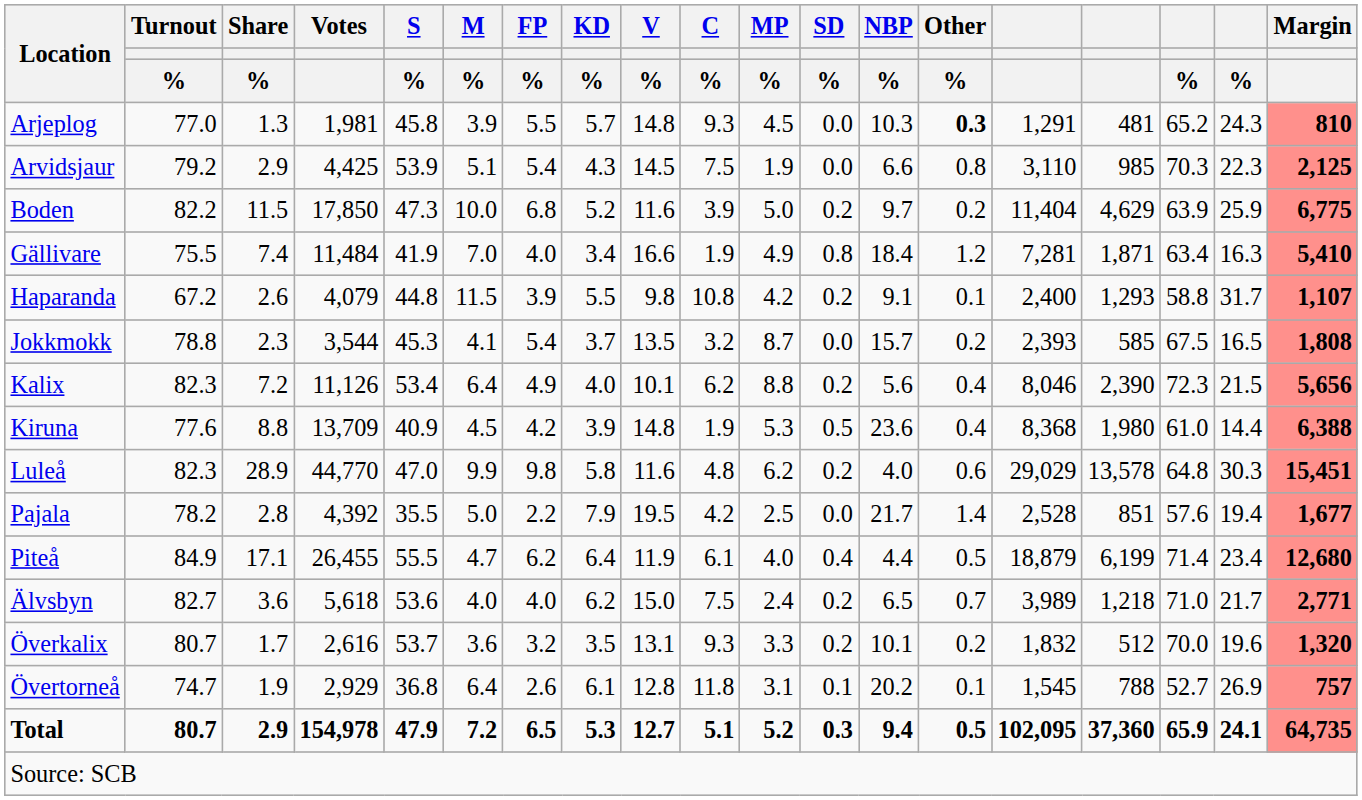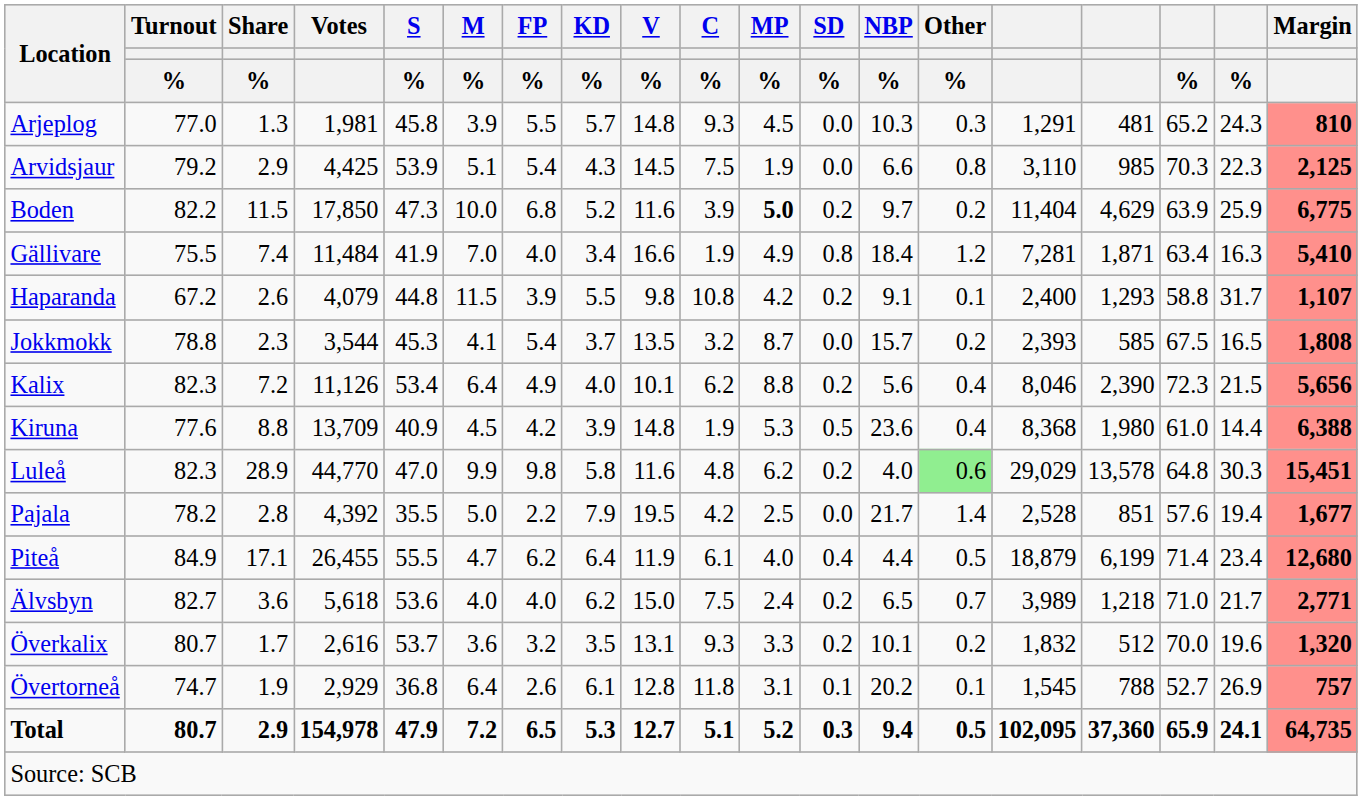 <table class="wikitable sortable" style="text-align:right; font-size:95%; line-height:20px;">
 <tr>
 <th rowspan="3">Location</th>
 <th>Turnout</th>
 <th>Share</th>
 <th>Votes</th>
 <th width="30px" class="unsortable"><a href='#'>S</a></th>
 <th width="30px" class="unsortable"><a href='#'>M</a></th>
 <th width="30px" class="unsortable"><a href='#'>FP</a></th>
 <th width="30px" class="unsortable"><a href='#'>KD</a></th>
 <th width="30px" class="unsortable"><a href='#'>V</a></th>
 <th width="30px" class="unsortable"><a href='#'>C</a></th>
 <th width="30px" class="unsortable"><a href='#'>MP</a></th>
 <th width="30px" class="unsortable"><a href='#'>SD</a></th>
 <th width="30px" class="unsortable"><a href='#'>NBP</a></th>
 <th width="30px" class="unsortable">Other</th>
 <th></th>
 <th></th>
 <th></th>
 <th></th>
 <th>Margin</th>
 </tr>
 <tr>
 <th></th>
 <th></th>
 <th></th>
 <th style="background:"></th>
 <th style="background:"></th>
 <th style="background:"></th>
 <th style="background:"></th>
 <th style="background:"></th>
 <th style="background:"></th>
 <th style="background:"></th>
 <th style="background:"></th>
 <th style="background:"></th>
 <th style="background:"></th>
 <th style="background:"></th>
 <th style="background:"></th>
 <th style="background:"></th>
 <th style="background:"></th>
 <th></th>
 </tr>
 <tr>
 <th data-sort-type="number">%</th>
 <th data-sort-type="number">%</th>
 <th></th>
 <th data-sort-type="number">%</th>
 <th data-sort-type="number">%</th>
 <th data-sort-type="number">%</th>
 <th data-sort-type="number">%</th>
 <th data-sort-type="number">%</th>
 <th data-sort-type="number">%</th>
 <th data-sort-type="number">%</th>
 <th data-sort-type="number">%</th>
 <th data-sort-type="number">%</th>
 <th data-sort-type="number">%</th>
 <th data-sort-type="number"></th>
 <th data-sort-type="number"></th>
 <th data-sort-type="number">%</th>
 <th data-sort-type="number">%</th>
 <th data-sort-type="number"></th>
 </tr>
 <tr>
 <td align=left><a href='#'>Arjeplog</a></td>
 <td>77.0</td>
 <td>1.3</td>
 <td>1,981</td>
 <td>45.8</td>
 <td>3.9</td>
 <td>5.5</td>
 <td>5.7</td>
 <td>14.8</td>
 <td>9.3</td>
 <td>4.5</td>
 <td>0.0</td>
 <td>10.3</td>
-<td><strong>0.3</strong></td>
+<td>0.3</td>
 <td>1,291</td>
 <td>481</td>
 <td>65.2</td>
 <td>24.3</td>
 <td bgcolor=#ff908c><strong>810</strong></td>
 </tr>
 <tr>
 <td align=left><a href='#'>Arvidsjaur</a></td>
 <td>79.2</td>
 <td>2.9</td>
 <td>4,425</td>
 <td>53.9</td>
 <td>5.1</td>
 <td>5.4</td>
 <td>4.3</td>
 <td>14.5</td>
 <td>7.5</td>
 <td>1.9</td>
 <td>0.0</td>
 <td>6.6</td>
 <td>0.8</td>
 <td>3,110</td>
 <td>985</td>
 <td>70.3</td>
 <td>22.3</td>
 <td bgcolor=#ff908c><strong>2,125</strong></td>
 </tr>
 <tr>
 <td align=left><a href='#'>Boden</a></td>
 <td>82.2</td>
 <td>11.5</td>
 <td>17,850</td>
 <td>47.3</td>
 <td>10.0</td>
 <td>6.8</td>
 <td>5.2</td>
 <td>11.6</td>
 <td>3.9</td>
-<td>5.0</td>
+<td><strong>5.0</strong></td>
 <td>0.2</td>
 <td>9.7</td>
 <td>0.2</td>
 <td>11,404</td>
 <td>4,629</td>
 <td>63.9</td>
 <td>25.9</td>
 <td bgcolor=#ff908c><strong>6,775</strong></td>
 </tr>
 <tr>
 <td align=left><a href='#'>Gällivare</a></td>
 <td>75.5</td>
 <td>7.4</td>
 <td>11,484</td>
 <td>41.9</td>
 <td>7.0</td>
 <td>4.0</td>
 <td>3.4</td>
 <td>16.6</td>
 <td>1.9</td>
 <td>4.9</td>
 <td>0.8</td>
 <td>18.4</td>
 <td>1.2</td>
 <td>7,281</td>
 <td>1,871</td>
 <td>63.4</td>
 <td>16.3</td>
 <td bgcolor=#ff908c><strong>5,410</strong></td>
 </tr>
 <tr>
 <td align=left><a href='#'>Haparanda</a></td>
 <td>67.2</td>
 <td>2.6</td>
 <td>4,079</td>
 <td>44.8</td>
 <td>11.5</td>
 <td>3.9</td>
 <td>5.5</td>
 <td>9.8</td>
 <td>10.8</td>
 <td>4.2</td>
 <td>0.2</td>
 <td>9.1</td>
 <td>0.1</td>
 <td>2,400</td>
 <td>1,293</td>
 <td>58.8</td>
 <td>31.7</td>
 <td bgcolor=#ff908c><strong>1,107</strong></td>
 </tr>
 <tr>
 <td align=left><a href='#'>Jokkmokk</a></td>
 <td>78.8</td>
 <td>2.3</td>
 <td>3,544</td>
 <td>45.3</td>
 <td>4.1</td>
 <td>5.4</td>
 <td>3.7</td>
 <td>13.5</td>
 <td>3.2</td>
 <td>8.7</td>
 <td>0.0</td>
 <td>15.7</td>
 <td>0.2</td>
 <td>2,393</td>
 <td>585</td>
 <td>67.5</td>
 <td>16.5</td>
 <td bgcolor=#ff908c><strong>1,808</strong></td>
 </tr>
 <tr>
 <td align=left><a href='#'>Kalix</a></td>
 <td>82.3</td>
 <td>7.2</td>
 <td>11,126</td>
 <td>53.4</td>
 <td>6.4</td>
 <td>4.9</td>
 <td>4.0</td>
 <td>10.1</td>
 <td>6.2</td>
 <td>8.8</td>
 <td>0.2</td>
 <td>5.6</td>
 <td>0.4</td>
 <td>8,046</td>
 <td>2,390</td>
 <td>72.3</td>
 <td>21.5</td>
 <td bgcolor=#ff908c><strong>5,656</strong></td>
 </tr>
 <tr>
 <td align=left><a href='#'>Kiruna</a></td>
 <td>77.6</td>
 <td>8.8</td>
 <td>13,709</td>
 <td>40.9</td>
 <td>4.5</td>
 <td>4.2</td>
 <td>3.9</td>
 <td>14.8</td>
 <td>1.9</td>
 <td>5.3</td>
 <td>0.5</td>
 <td>23.6</td>
 <td>0.4</td>
 <td>8,368</td>
 <td>1,980</td>
 <td>61.0</td>
 <td>14.4</td>
 <td bgcolor=#ff908c><strong>6,388</strong></td>
 </tr>
 <tr>
 <td align=left><a href='#'>Luleå</a></td>
 <td>82.3</td>
 <td>28.9</td>
 <td>44,770</td>
 <td>47.0</td>
 <td>9.9</td>
 <td>9.8</td>
 <td>5.8</td>
 <td>11.6</td>
 <td>4.8</td>
 <td>6.2</td>
 <td>0.2</td>
 <td>4.0</td>
-<td>0.6</td>
+<td style="background: lightgreen;">0.6</td>
 <td>29,029</td>
 <td>13,578</td>
 <td>64.8</td>
 <td>30.3</td>
 <td bgcolor=#ff908c><strong>15,451</strong></td>
 </tr>
 <tr>
 <td align=left><a href='#'>Pajala</a></td>
 <td>78.2</td>
 <td>2.8</td>
 <td>4,392</td>
 <td>35.5</td>
 <td>5.0</td>
 <td>2.2</td>
 <td>7.9</td>
 <td>19.5</td>
 <td>4.2</td>
 <td>2.5</td>
 <td>0.0</td>
 <td>21.7</td>
 <td>1.4</td>
 <td>2,528</td>
 <td>851</td>
 <td>57.6</td>
 <td>19.4</td>
 <td bgcolor=#ff908c><strong>1,677</strong></td>
 </tr>
 <tr>
 <td align=left><a href='#'>Piteå</a></td>
 <td>84.9</td>
 <td>17.1</td>
 <td>26,455</td>
 <td>55.5</td>
 <td>4.7</td>
 <td>6.2</td>
 <td>6.4</td>
 <td>11.9</td>
 <td>6.1</td>
 <td>4.0</td>
 <td>0.4</td>
 <td>4.4</td>
 <td>0.5</td>
 <td>18,879</td>
 <td>6,199</td>
 <td>71.4</td>
 <td>23.4</td>
 <td bgcolor=#ff908c><strong>12,680</strong></td>
 </tr>
 <tr>
 <td align=left><a href='#'>Älvsbyn</a></td>
 <td>82.7</td>
 <td>3.6</td>
 <td>5,618</td>
 <td>53.6</td>
 <td>4.0</td>
 <td>4.0</td>
 <td>6.2</td>
 <td>15.0</td>
 <td>7.5</td>
 <td>2.4</td>
 <td>0.2</td>
 <td>6.5</td>
 <td>0.7</td>
 <td>3,989</td>
 <td>1,218</td>
 <td>71.0</td>
 <td>21.7</td>
 <td bgcolor=#ff908c><strong>2,771</strong></td>
 </tr>
 <tr>
 <td align=left><a href='#'>Överkalix</a></td>
 <td>80.7</td>
 <td>1.7</td>
 <td>2,616</td>
 <td>53.7</td>
 <td>3.6</td>
 <td>3.2</td>
 <td>3.5</td>
 <td>13.1</td>
 <td>9.3</td>
 <td>3.3</td>
 <td>0.2</td>
 <td>10.1</td>
 <td>0.2</td>
 <td>1,832</td>
 <td>512</td>
 <td>70.0</td>
 <td>19.6</td>
 <td bgcolor=#ff908c><strong>1,320</strong></td>
 </tr>
 <tr>
 <td align=left><a href='#'>Övertorneå</a></td>
 <td>74.7</td>
 <td>1.9</td>
 <td>2,929</td>
 <td>36.8</td>
 <td>6.4</td>
 <td>2.6</td>
 <td>6.1</td>
 <td>12.8</td>
 <td>11.8</td>
 <td>3.1</td>
 <td>0.1</td>
 <td>20.2</td>
 <td>0.1</td>
 <td>1,545</td>
 <td>788</td>
 <td>52.7</td>
 <td>26.9</td>
 <td bgcolor=#ff908c><strong>757</strong></td>
 </tr>
 <tr>
 <td align=left><strong>Total</strong></td>
 <td><strong>80.7</strong></td>
 <td><strong>2.9</strong></td>
 <td><strong>154,978</strong></td>
 <td><strong>47.9</strong></td>
 <td><strong>7.2</strong></td>
 <td><strong>6.5</strong></td>
 <td><strong>5.3</strong></td>
 <td><strong>12.7</strong></td>
 <td><strong>5.1</strong></td>
 <td><strong>5.2</strong></td>
 <td><strong>0.3</strong></td>
 <td><strong>9.4</strong></td>
 <td><strong>0.5</strong></td>
 <td><strong>102,095</strong></td>
 <td><strong>37,360</strong></td>
 <td><strong>65.9</strong></td>
 <td><strong>24.1</strong></td>
 <td bgcolor=#ff908c><strong>64,735</strong></td>
 </tr>
 <tr>
 <td align=left colspan=19>Source: SCB </td>
 </tr>
 </table>
